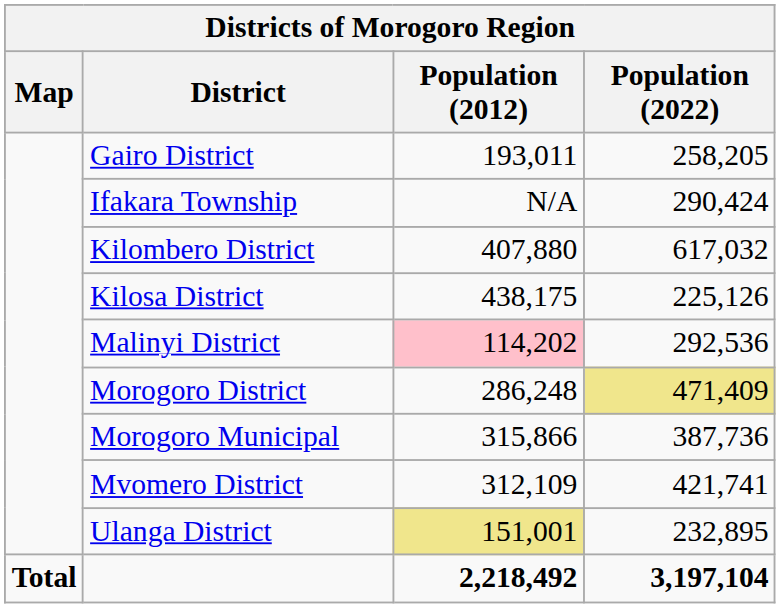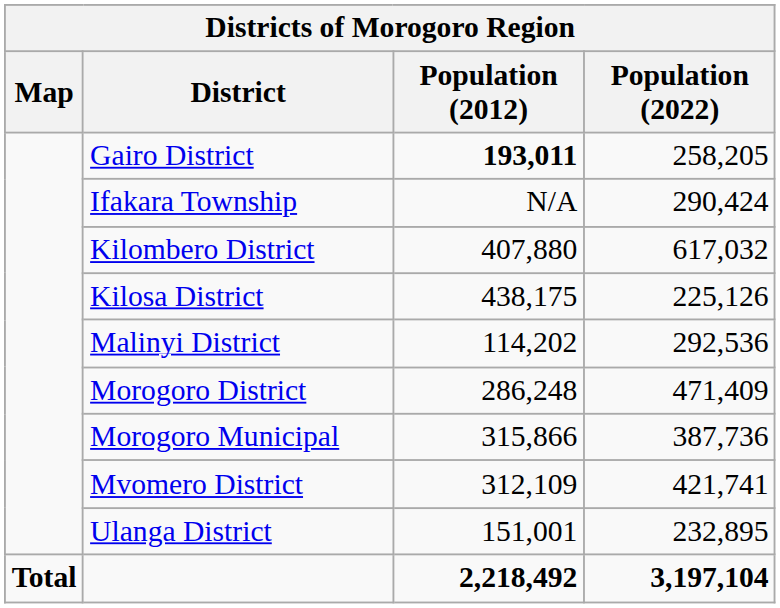 <table class="wikitable">
 <tr>
 <th colspan="8">Districts of Morogoro Region</th>
 </tr>
 <tr style="text-align:center;">
 <th>Map</th>
 <th style="width: 10em">District</th>
 <th style="width: 6em">Population<br>(2012)</th>
 <th style="width: 6em">Population<br>(2022)</th>
 </tr>
 <tr>
 <td rowspan=9></td>
 <td><a href='#'>Gairo District</a></td>
-<td style="text-align:right;">193,011</td>
+<td style="text-align:right;"><strong>193,011</strong></td>
 <td style="text-align:right;">258,205</td>
 </tr>
 <tr>
 <td><a href='#'>Ifakara Township</a></td>
 <td style="text-align:right;">N/A</td>
 <td style="text-align:right;">290,424</td>
 </tr>
 <tr>
 <td><a href='#'>Kilombero District</a></td>
 <td style="text-align:right;">407,880</td>
 <td style="text-align:right;">617,032</td>
 </tr>
 <tr>
 <td><a href='#'>Kilosa District</a></td>
 <td style="text-align:right;">438,175</td>
 <td style="text-align:right;">225,126</td>
 </tr>
 <tr>
 <td><a href='#'>Malinyi District</a></td>
-<td style="background: pink; text-align:right;">114,202</td>
+<td style="text-align:right;">114,202</td>
 <td style="text-align:right;">292,536</td>
 </tr>
 <tr>
 <td><a href='#'>Morogoro District</a></td>
 <td style="text-align:right;">286,248</td>
-<td style="background: khaki; text-align:right;">471,409</td>
+<td style="text-align:right;">471,409</td>
 </tr>
 <tr>
 <td><a href='#'>Morogoro Municipal</a></td>
 <td style="text-align:right;">315,866</td>
 <td style="text-align:right;">387,736</td>
 </tr>
 <tr>
 <td><a href='#'>Mvomero District</a></td>
 <td style="text-align:right;">312,109</td>
 <td style="text-align:right;">421,741</td>
 </tr>
 <tr>
 <td><a href='#'>Ulanga District</a></td>
-<td style="background: khaki; text-align:right;">151,001</td>
+<td style="text-align:right;">151,001</td>
 <td style="text-align:right;">232,895</td>
 </tr>
 <tr>
 <td><strong>Total</strong></td>
 <td></td>
 <td style="text-align:right;"><strong>2,218,492</strong></td>
 <td style="text-align:right;"><strong>3,197,104</strong></td>
 </tr>
 </table>
